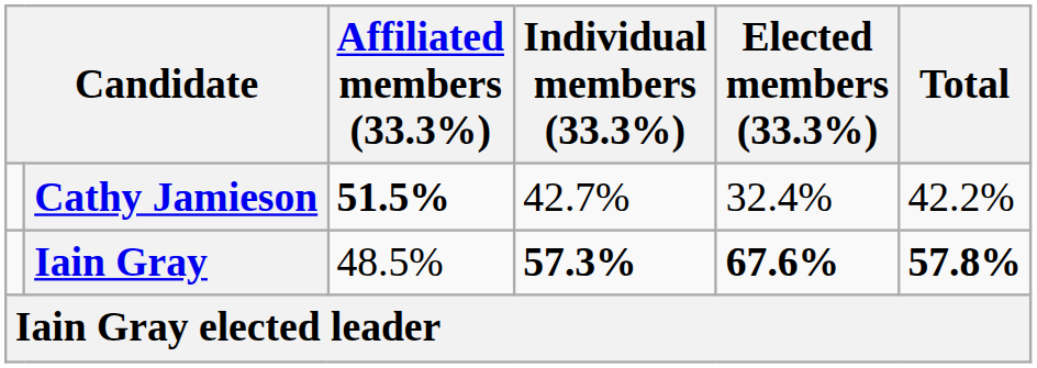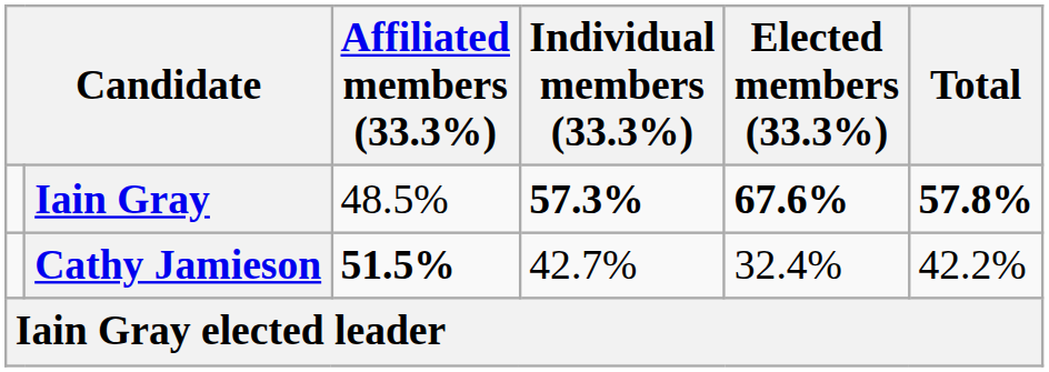 <table class="wikitable">
 <tr>
 <th colspan="2" scope="col">Candidate</th>
 <th scope="col"><a href='#'>Affiliated</a> <br> members<br> <strong>(33.3%)</strong></th>
 <th scope="col">Individual <br> members <br> <strong>(33.3%)</strong></th>
 <th scope="col">Elected <br>members<br> <strong>(33.3%)</strong></th>
 <th scope="col">Total</th>
 </tr>
 <tr>
 <td style="background-color: "></td>
+<th style="text-align:left;" scope="row"><a href='#'>Iain Gray</a></th>
+<td>48.5%</td>
+<td><strong>57.3%</strong></td>
+<td><strong>67.6%</strong></td>
+<td><strong>57.8%</strong></td>
+</tr>
+<tr>
+<td style="background-color: "></td>
 <th scope="row"><a href='#'>Cathy Jamieson</a></th>
 <td><strong>51.5%</strong></td>
 <td>42.7%</td>
 <td>32.4%</td>
 <td>42.2%</td>
 </tr>
 <tr>
-<td style="background-color: "></td>
-<th style="text-align:left;" scope="row"><a href='#'>Iain Gray</a></th>
-<td>48.5%</td>
-<td><strong>57.3%</strong></td>
-<td><strong>67.6%</strong></td>
-<td><strong>57.8%</strong></td>
-</tr>
-<tr>
 <th style="text-align:left;" colspan="6" scope="col"><strong>Iain Gray elected leader</strong></th>
 </tr>
 </table>
